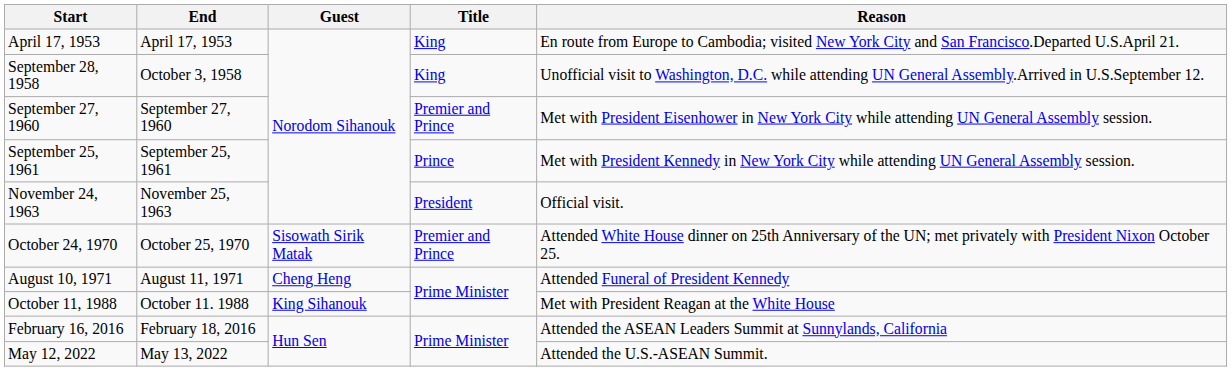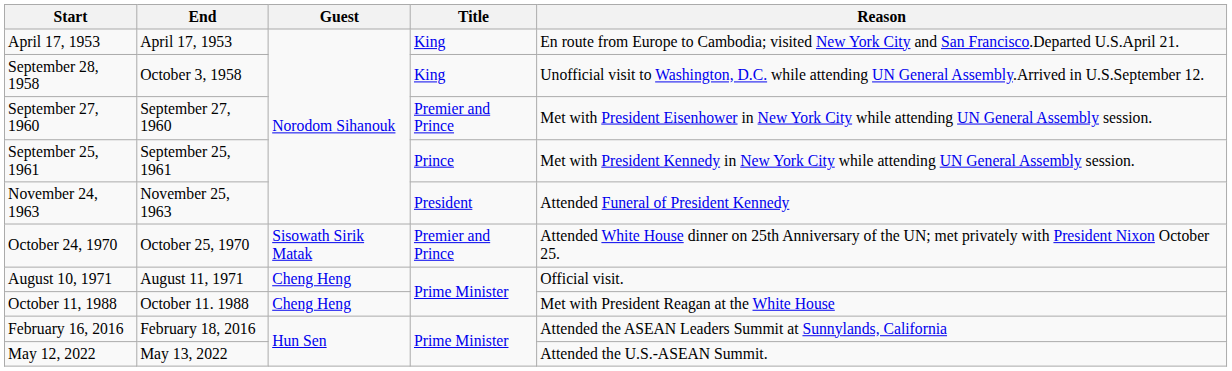 <table class="wikitable sortable">
 <tr>
 <th>Start</th>
 <th>End</th>
 <th>Guest</th>
 <th>Title</th>
 <th>Reason</th>
 </tr>
 <tr>
 <td>April 17, 1953</td>
 <td>April 17, 1953</td>
 <td rowspan=5><a href='#'>Norodom Sihanouk</a></td>
 <td><a href='#'>King</a></td>
 <td>En route from Europe to Cambodia; visited <a href='#'>New York City</a> and <a href='#'>San Francisco</a>.Departed U.S.April 21.</td>
 </tr>
 <tr>
 <td>September 28, 1958</td>
 <td>October 3, 1958</td>
 <td><a href='#'>King</a></td>
 <td>Unofficial visit to <a href='#'>Washington, D.C.</a> while attending <a href='#'>UN General Assembly</a>.Arrived in U.S.September 12.</td>
 </tr>
 <tr>
 <td>September 27, 1960</td>
 <td>September 27, 1960</td>
 <td><a href='#'>Premier and Prince</a></td>
 <td>Met with <a href='#'>President Eisenhower</a> in <a href='#'>New York City</a> while attending <a href='#'>UN General Assembly</a> session.</td>
 </tr>
 <tr>
 <td>September 25, 1961</td>
 <td>September 25, 1961</td>
 <td><a href='#'>Prince</a></td>
 <td>Met with <a href='#'>President Kennedy</a> in <a href='#'>New York City</a> while attending <a href='#'>UN General Assembly</a> session.</td>
 </tr>
 <tr>
 <td>November 24, 1963</td>
 <td>November 25, 1963</td>
 <td><a href='#'>President</a></td>
-<td>Official visit.</td>
+<td>Attended <a href='#'>Funeral of President Kennedy</a></td>
 </tr>
 <tr>
 <td>October 24, 1970</td>
 <td>October 25, 1970</td>
 <td><a href='#'>Sisowath Sirik Matak</a></td>
 <td><a href='#'>Premier and Prince</a></td>
 <td>Attended <a href='#'>White House</a> dinner on 25th Anniversary of the UN; met privately with <a href='#'>President Nixon</a> October 25.</td>
 </tr>
 <tr>
 <td>August 10, 1971</td>
 <td>August 11, 1971</td>
 <td><a href='#'>Cheng Heng</a></td>
 <td rowspan=2><a href='#'>Prime Minister</a></td>
-<td>Attended <a href='#'>Funeral of President Kennedy</a></td>
+<td>Official visit.</td>
 </tr>
 <tr>
 <td>October 11, 1988</td>
 <td>October 11. 1988</td>
-<td><a href='#'>King Sihanouk</a></td>
+<td><a href='#'>Cheng Heng</a></td>
 <td>Met with President Reagan at the <a href='#'>White House</a></td>
 </tr>
 <tr>
 <td>February 16, 2016</td>
 <td>February 18, 2016</td>
 <td rowspan=2><a href='#'>Hun Sen</a></td>
 <td rowspan=2><a href='#'>Prime Minister</a></td>
 <td>Attended the ASEAN Leaders Summit at <a href='#'>Sunnylands, California</a></td>
 </tr>
 <tr>
 <td>May 12, 2022</td>
 <td>May 13, 2022</td>
 <td>Attended the U.S.-ASEAN Summit.</td>
 </tr>
 </table>
